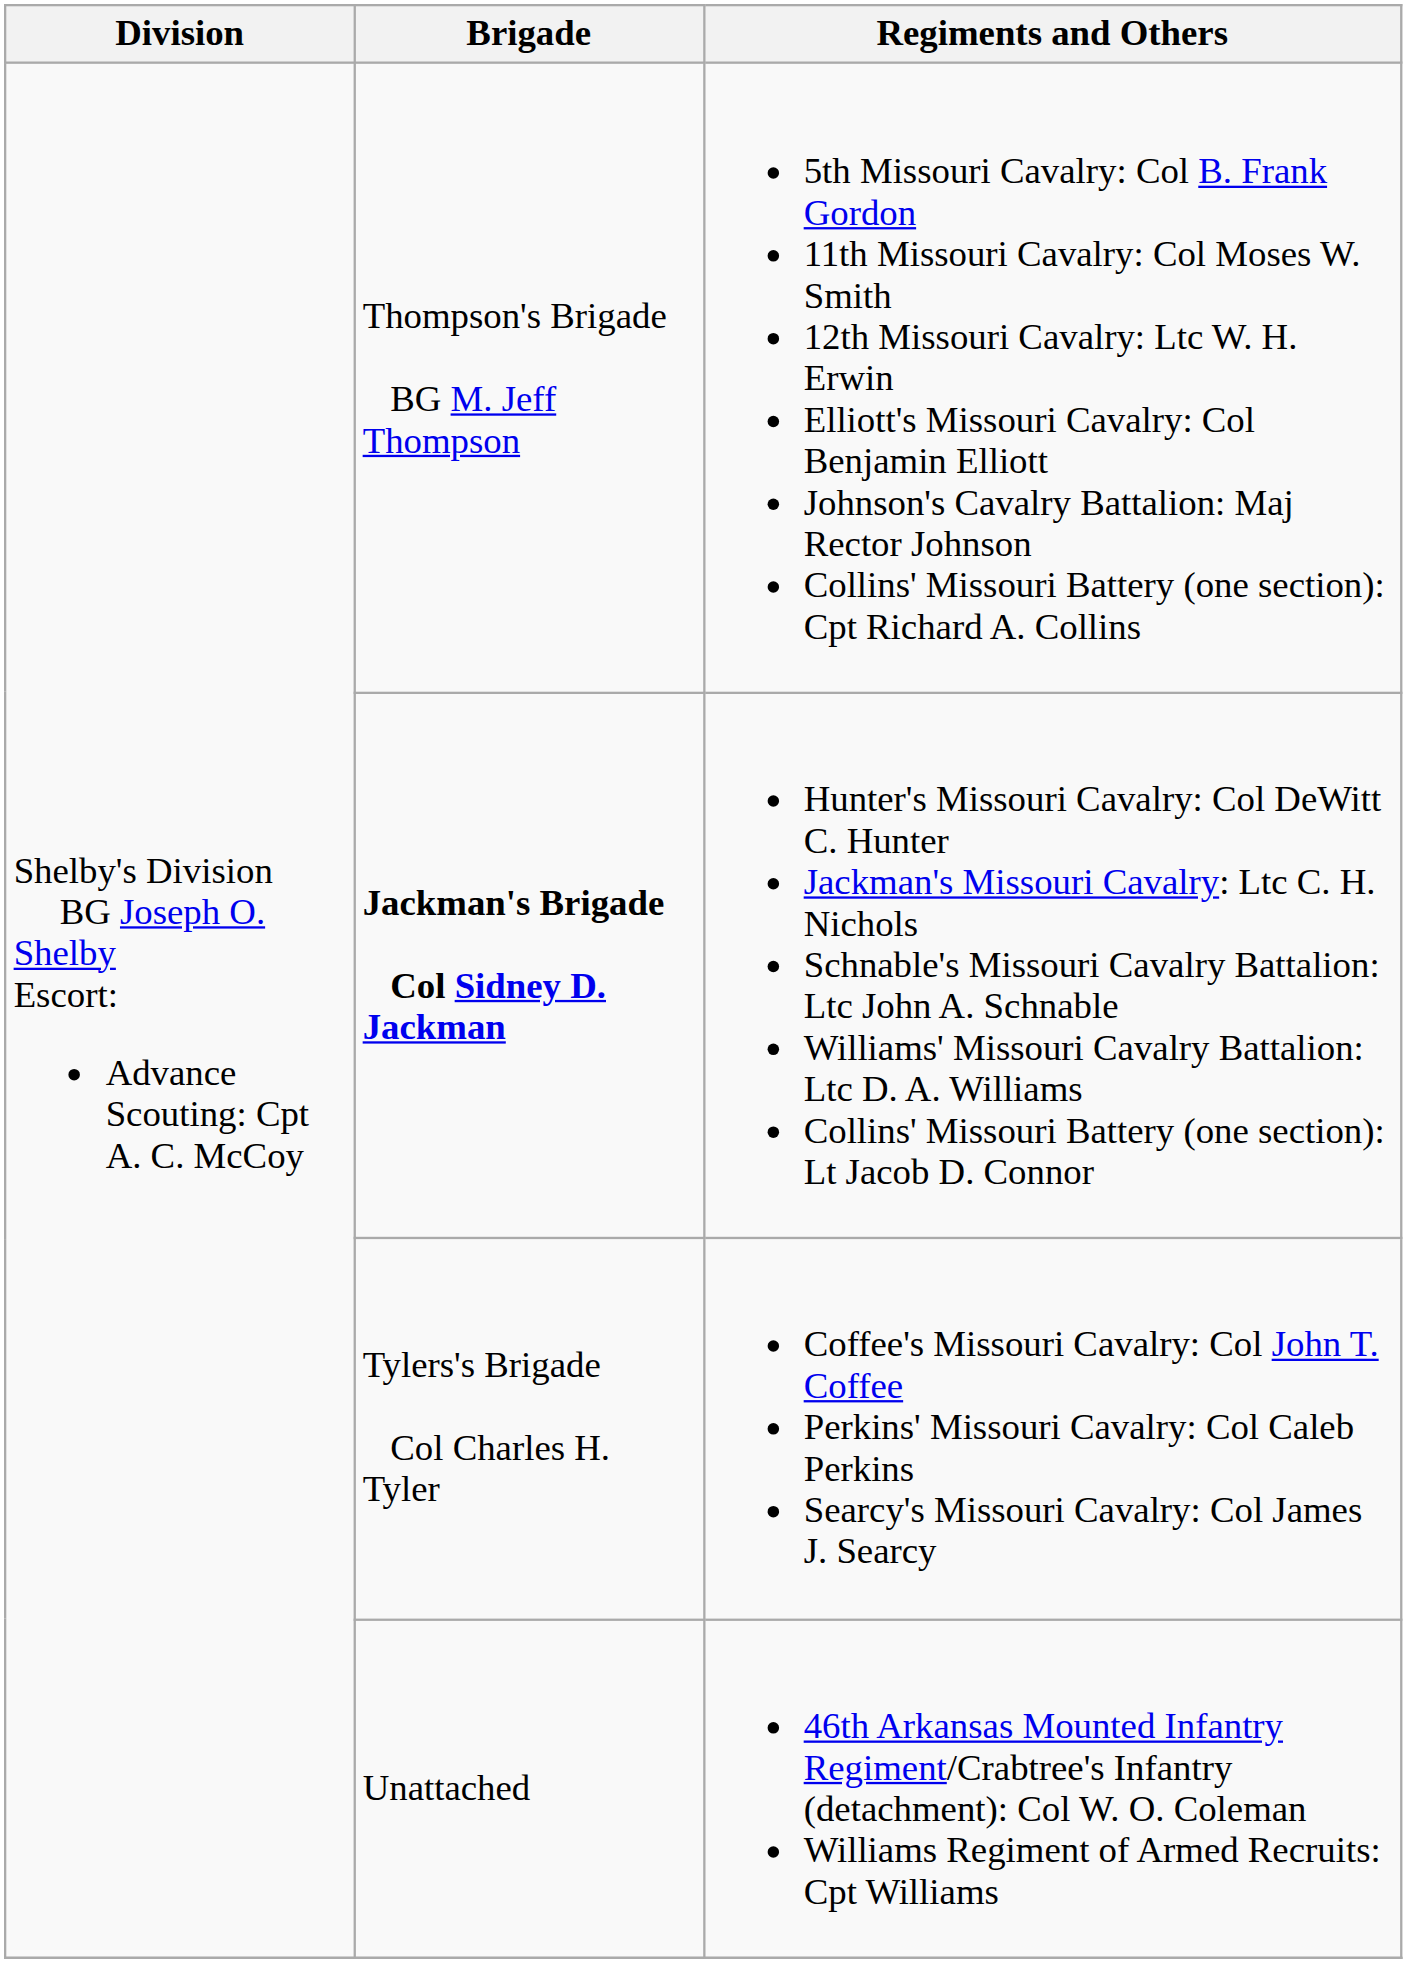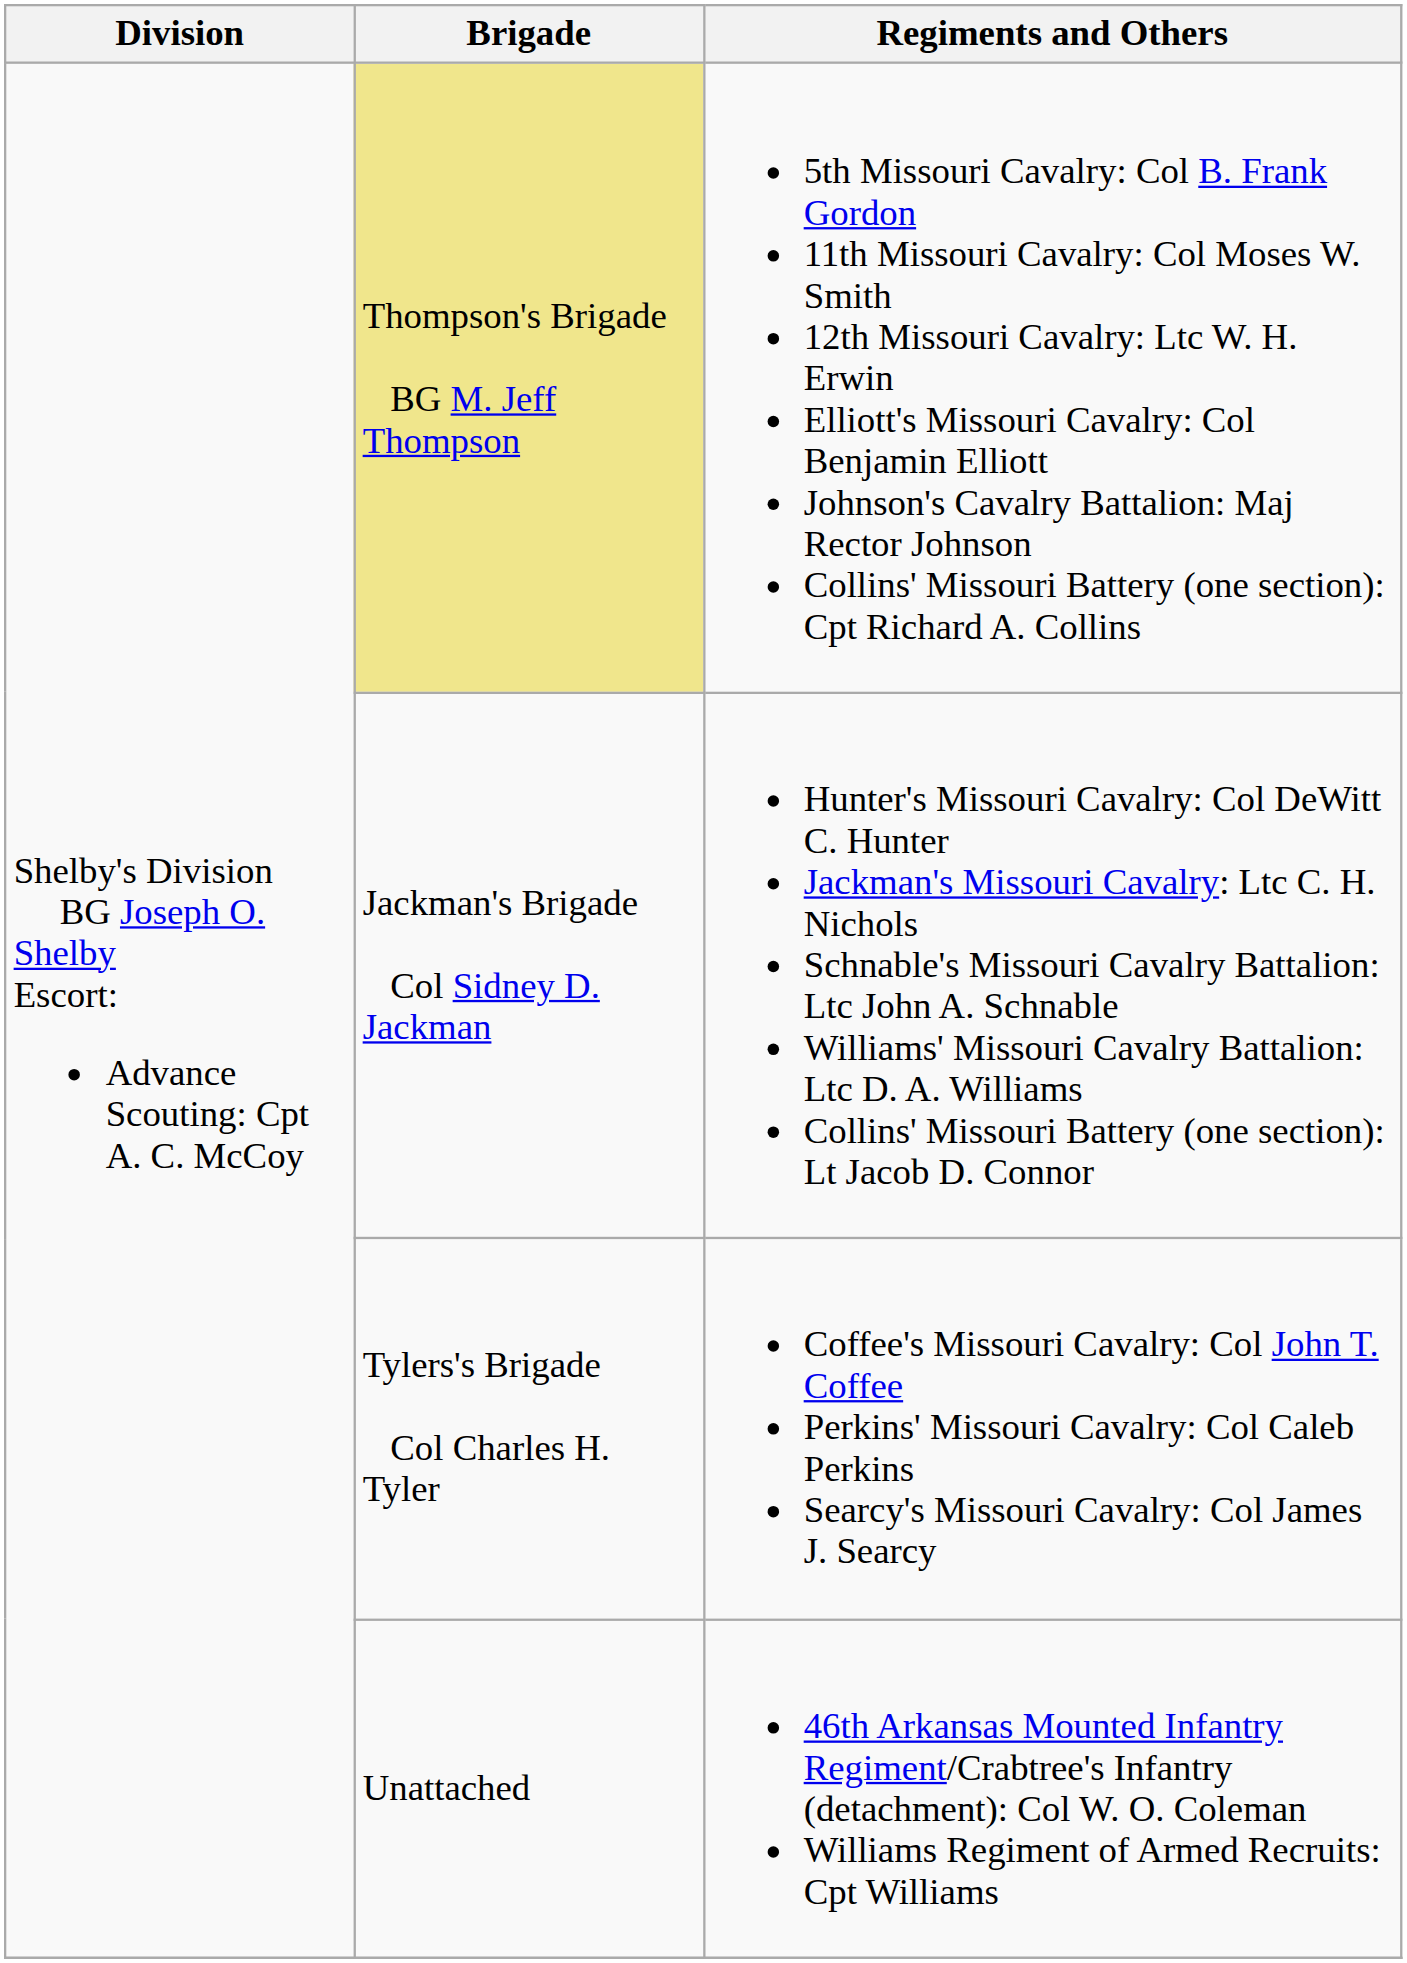 <table class="wikitable">
 <tr>
 <th width=25%>Division</th>
 <th width=25%>Brigade</th>
 <th>Regiments and Others</th>
 </tr>
 <tr>
 <td rowspan=4><br>Shelby's Division <br>     BG <a href='#'>Joseph O. Shelby</a><br> Escort:<br><ul><li>Advance Scouting: Cpt A. C. McCoy</li></ul></td>
-<td>Thompson's Brigade<br><br>   BG <a href='#'>M. Jeff Thompson</a></td>
+<td style="background: khaki;">Thompson's Brigade<br><br>   BG <a href='#'>M. Jeff Thompson</a></td>
 <td><br><ul><li>5th Missouri Cavalry: Col <a href='#'>B. Frank Gordon</a></li><li>11th Missouri Cavalry: Col Moses W. Smith</li><li>12th Missouri Cavalry: Ltc W. H. Erwin</li><li>Elliott's Missouri Cavalry: Col Benjamin Elliott</li><li>Johnson's Cavalry Battalion: Maj Rector Johnson</li><li>Collins' Missouri Battery (one section): Cpt Richard A. Collins</li></ul></td>
 </tr>
 <tr>
-<td><strong>Jackman's Brigade<br><br>   Col <a href='#'>Sidney D. Jackman</a></strong></td>
+<td>Jackman's Brigade<br><br>   Col <a href='#'>Sidney D. Jackman</a></td>
 <td><br><ul><li>Hunter's Missouri Cavalry: Col DeWitt C. Hunter</li><li><a href='#'>Jackman's Missouri Cavalry</a>: Ltc C. H. Nichols</li><li>Schnable's Missouri Cavalry Battalion: Ltc John A. Schnable</li><li>Williams' Missouri Cavalry Battalion: Ltc D. A. Williams</li><li>Collins' Missouri Battery (one section): Lt Jacob D. Connor</li></ul></td>
 </tr>
 <tr>
 <td>Tylers's Brigade<br><br>   Col Charles H. Tyler</td>
 <td><br><ul><li>Coffee's Missouri Cavalry: Col <a href='#'>John T. Coffee</a></li><li>Perkins' Missouri Cavalry: Col Caleb Perkins</li><li>Searcy's Missouri Cavalry: Col James J. Searcy</li></ul></td>
 </tr>
 <tr>
 <td>Unattached</td>
 <td><br><ul><li><a href='#'>46th Arkansas Mounted Infantry Regiment</a>/Crabtree's Infantry (detachment): Col W. O. Coleman</li><li>Williams Regiment of Armed Recruits: Cpt Williams</li></ul></td>
 </tr>
 <tr>
 </tr>
 </table>
